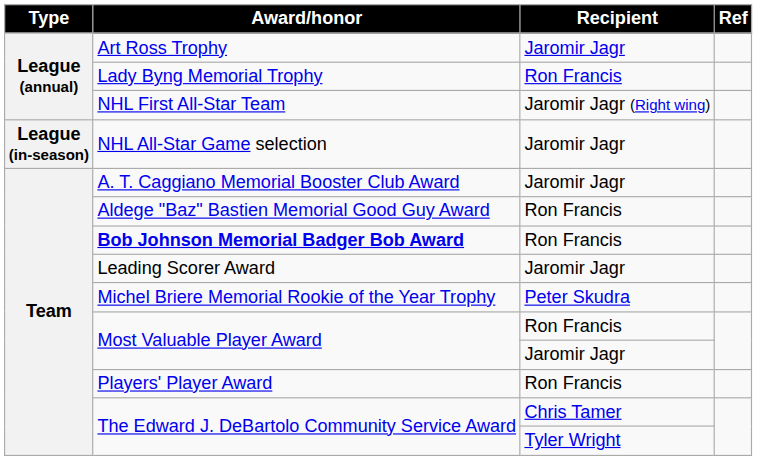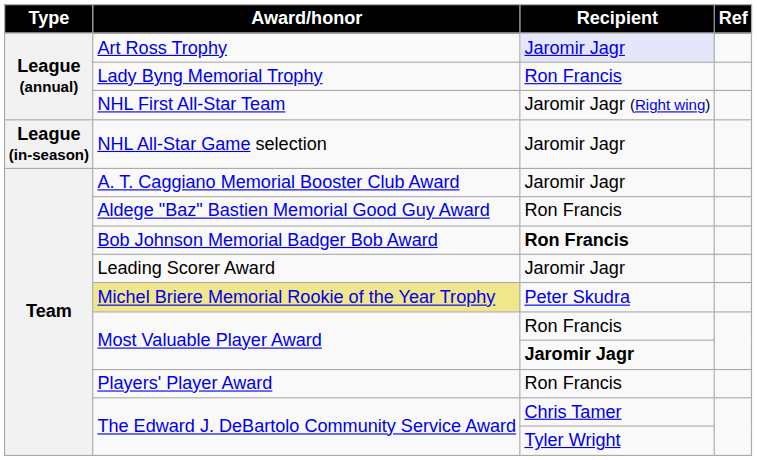 <table class="wikitable">
 <tr>
 <th style="color:white; background:#000000; ">Type</th>
 <th style="color:white; background:#000000; ">Award/honor</th>
 <th style="color:white; background:#000000; ">Recipient</th>
 <th style="color:white; background:#000000; ">Ref</th>
 </tr>
 <tr>
 <th scope="row" rowspan="3">League<br><small>(annual)</small></th>
 <td><a href='#'>Art Ross Trophy</a></td>
-<td><a href='#'>Jaromir Jagr</a></td>
+<td style="background: lavender;"><a href='#'>Jaromir Jagr</a></td>
 <td></td>
 </tr>
 <tr>
 <td><a href='#'>Lady Byng Memorial Trophy</a></td>
 <td><a href='#'>Ron Francis</a></td>
 <td></td>
 </tr>
 <tr>
 <td><a href='#'>NHL First All-Star Team</a></td>
 <td>Jaromir Jagr <small>(<a href='#'>Right wing</a>)</small></td>
 <td></td>
 </tr>
 <tr>
 <th scope="row">League<br><small>(in-season)</small></th>
 <td><a href='#'>NHL All-Star Game</a> selection</td>
 <td>Jaromir Jagr</td>
 <td></td>
 </tr>
 <tr>
 <th scope="row" rowspan="10">Team</th>
 <td><a href='#'>A. T. Caggiano Memorial Booster Club Award</a></td>
 <td>Jaromir Jagr</td>
 <td></td>
 </tr>
 <tr>
 <td><a href='#'>Aldege "Baz" Bastien Memorial Good Guy Award</a></td>
 <td>Ron Francis</td>
 <td></td>
 </tr>
 <tr>
-<td><strong><a href='#'>Bob Johnson Memorial Badger Bob Award</a></strong></td>
-<td>Ron Francis</td>
+<td><a href='#'>Bob Johnson Memorial Badger Bob Award</a></td>
+<td><strong>Ron Francis</strong></td>
 <td></td>
 </tr>
 <tr>
 <td>Leading Scorer Award</td>
 <td>Jaromir Jagr</td>
 <td></td>
 </tr>
 <tr>
-<td><a href='#'>Michel Briere Memorial Rookie of the Year Trophy</a></td>
+<td style="background: khaki;"><a href='#'>Michel Briere Memorial Rookie of the Year Trophy</a></td>
 <td><a href='#'>Peter Skudra</a></td>
 <td></td>
 </tr>
 <tr>
 <td rowspan=2><a href='#'>Most Valuable Player Award</a></td>
 <td>Ron Francis</td>
 <td rowspan=2></td>
 </tr>
 <tr>
-<td>Jaromir Jagr</td>
+<td><strong>Jaromir Jagr</strong></td>
 </tr>
 <tr>
 <td><a href='#'>Players' Player Award</a></td>
 <td>Ron Francis</td>
 <td></td>
 </tr>
 <tr>
 <td rowspan=2><a href='#'>The Edward J. DeBartolo Community Service Award</a></td>
 <td><a href='#'>Chris Tamer</a></td>
 <td rowspan=2></td>
 </tr>
 <tr>
 <td><a href='#'>Tyler Wright</a></td>
 </tr>
 </table>
